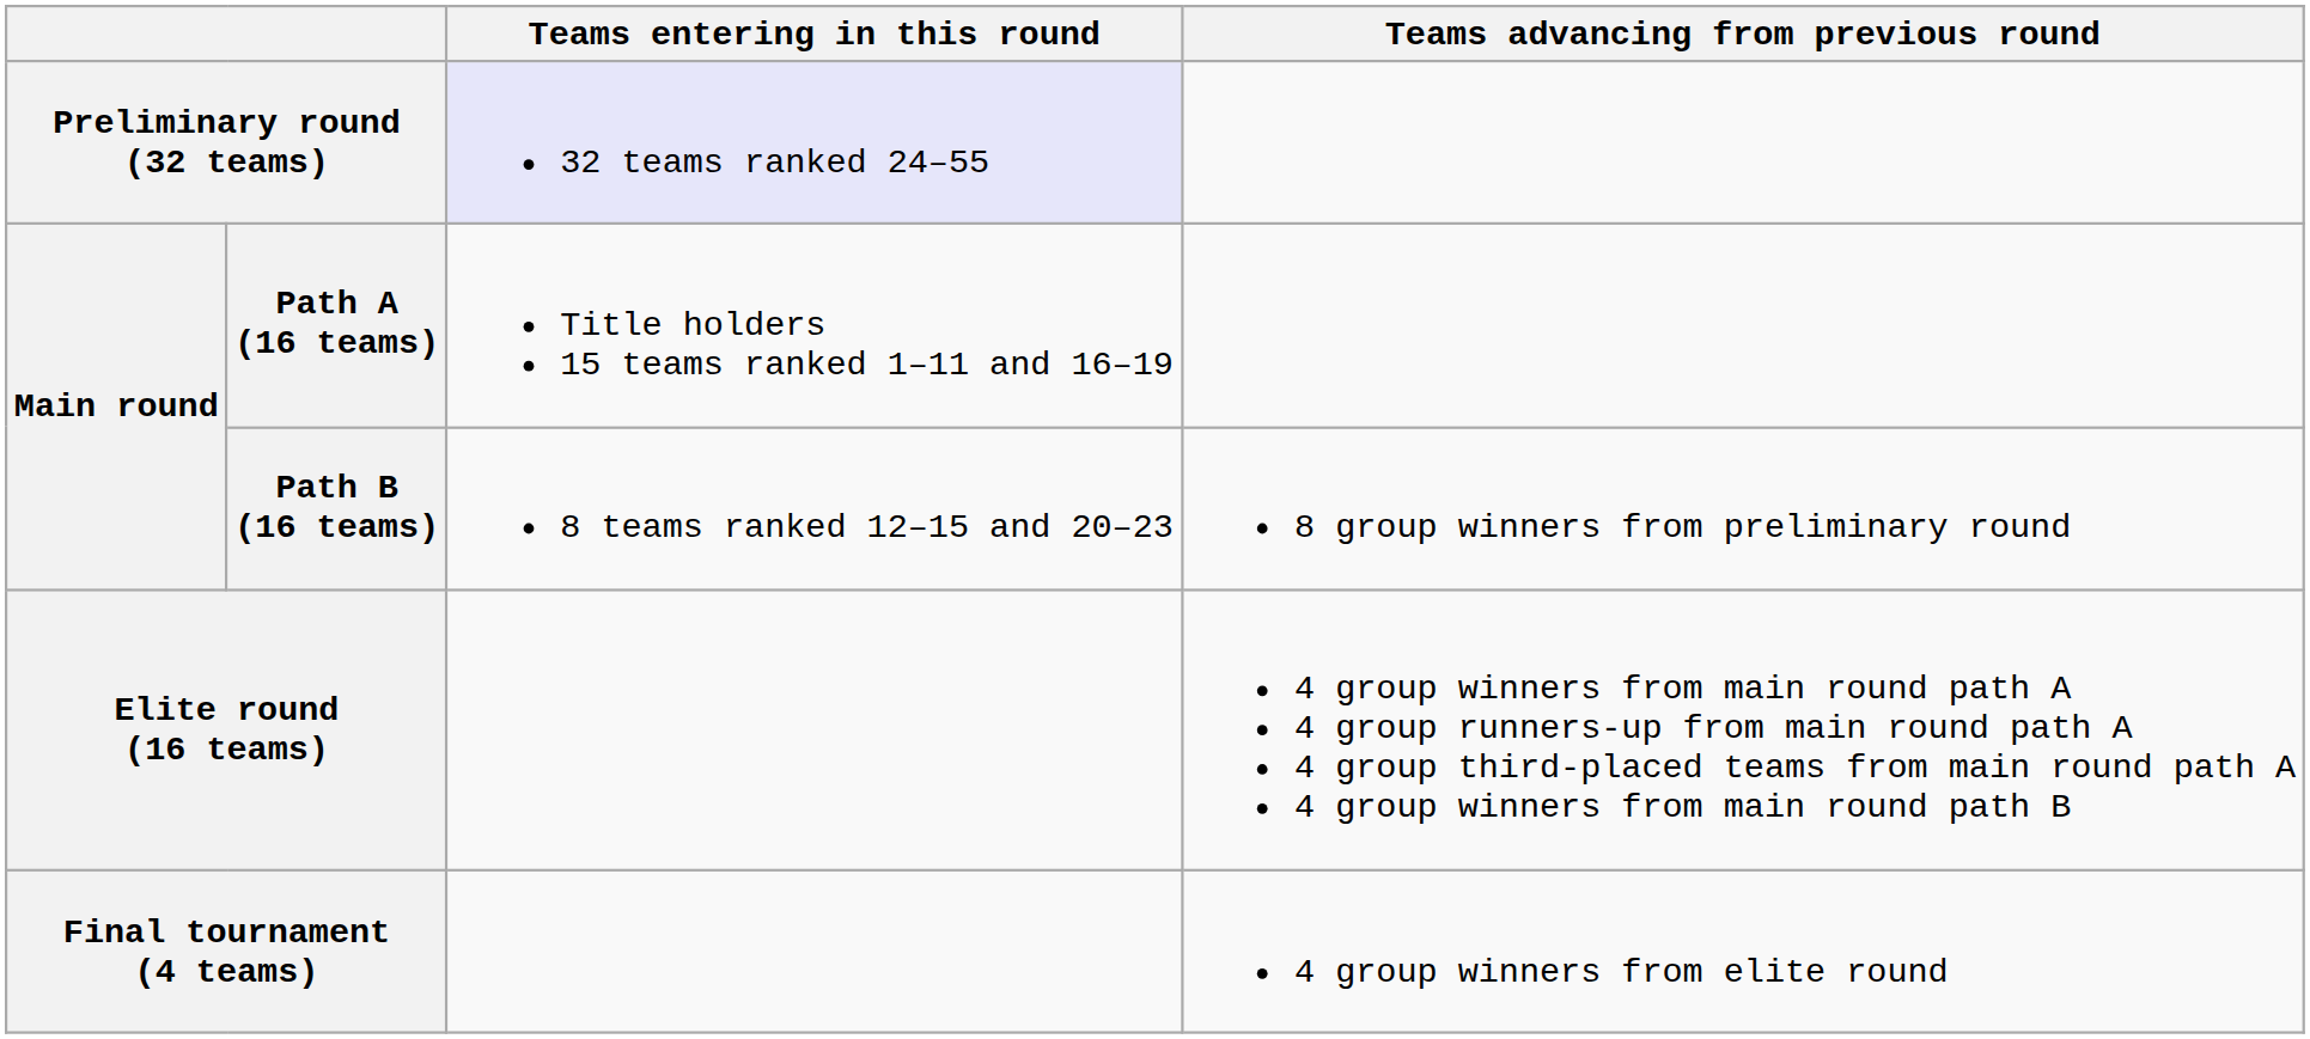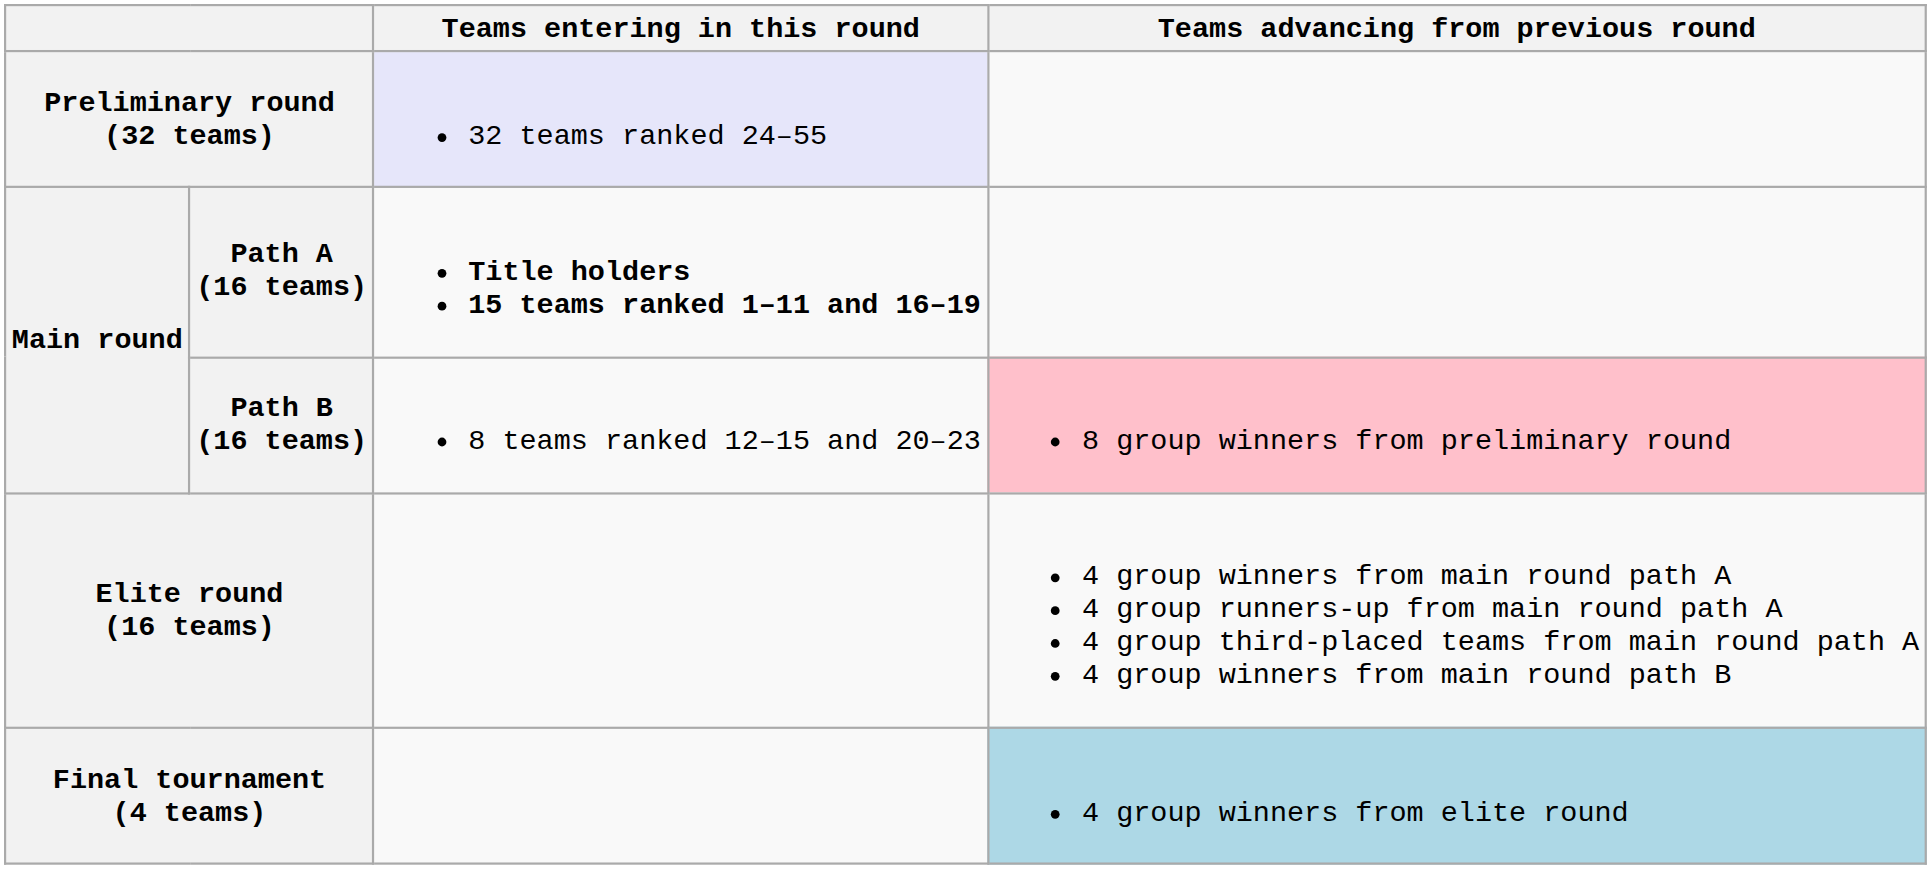 <table class="wikitable">
 <tr>
 <th colspan=2></th>
 <th>Teams entering in this round</th>
 <th>Teams advancing from previous round</th>
 </tr>
 <tr>
 <th colspan=2>Preliminary round<br>(32 teams)</th>
 <td style="background: lavender;"><br><ul><li>32 teams ranked 24–55</li></ul></td>
 <td></td>
 </tr>
 <tr>
 <th rowspan=2>Main round</th>
 <th>Path A<br>(16 teams)</th>
-<td><br><ul><li>Title holders</li><li>15 teams ranked 1–11 and 16–19</li></ul></td>
+<td><strong><br><ul><li>Title holders</li><li>15 teams ranked 1–11 and 16–19</li></ul></strong></td>
 <td></td>
 </tr>
 <tr>
 <th>Path B<br>(16 teams)</th>
 <td><br><ul><li>8 teams ranked 12–15 and 20–23</li></ul></td>
-<td><br><ul><li>8 group winners from preliminary round</li></ul></td>
+<td style="background: pink;"><br><ul><li>8 group winners from preliminary round</li></ul></td>
 </tr>
 <tr>
 <th colspan=2>Elite round<br>(16 teams)</th>
 <td></td>
 <td><br><ul><li>4 group winners from main round path A</li><li>4 group runners-up from main round path A</li><li>4 group third-placed teams from main round path A</li><li>4 group winners from main round path B</li></ul></td>
 </tr>
 <tr>
 <th colspan=2>Final tournament<br>(4 teams)</th>
 <td></td>
-<td><br><ul><li>4 group winners from elite round</li></ul></td>
+<td style="background: lightblue;"><br><ul><li>4 group winners from elite round</li></ul></td>
 </tr>
 </table>
